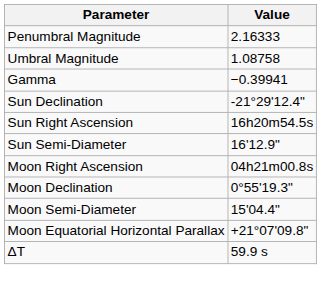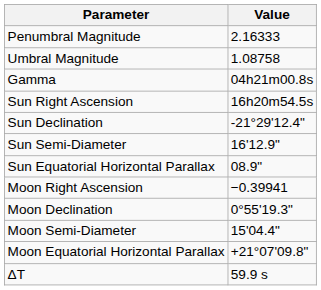 <table class="wikitable">
 <tr>
 <th>Parameter</th>
 <th>Value</th>
 </tr>
 <tr>
 <td>Penumbral Magnitude</td>
 <td>2.16333</td>
 </tr>
 <tr>
 <td>Umbral Magnitude</td>
 <td>1.08758</td>
 </tr>
 <tr>
 <td>Gamma</td>
-<td>−0.39941</td>
+<td>04h21m00.8s</td>
+</tr>
+<tr>
+<td>Sun Right Ascension</td>
+<td>16h20m54.5s</td>
 </tr>
 <tr>
 <td>Sun Declination</td>
 <td>-21°29'12.4"</td>
 </tr>
 <tr>
-<td>Sun Right Ascension</td>
-<td>16h20m54.5s</td>
-</tr>
-<tr>
 <td>Sun Semi-Diameter</td>
 <td>16'12.9"</td>
 </tr>
 <tr>
+<td>Sun Equatorial Horizontal Parallax</td>
+<td>08.9"</td>
+</tr>
+<tr>
 <td>Moon Right Ascension</td>
-<td>04h21m00.8s</td>
+<td>−0.39941</td>
 </tr>
 <tr>
 <td>Moon Declination</td>
 <td>0°55'19.3"</td>
 </tr>
 <tr>
 <td>Moon Semi-Diameter</td>
 <td>15'04.4"</td>
 </tr>
 <tr>
 <td>Moon Equatorial Horizontal Parallax</td>
 <td>+21°07'09.8"</td>
 </tr>
 <tr>
 <td>ΔT</td>
 <td>59.9 s</td>
 </tr>
 </table>
